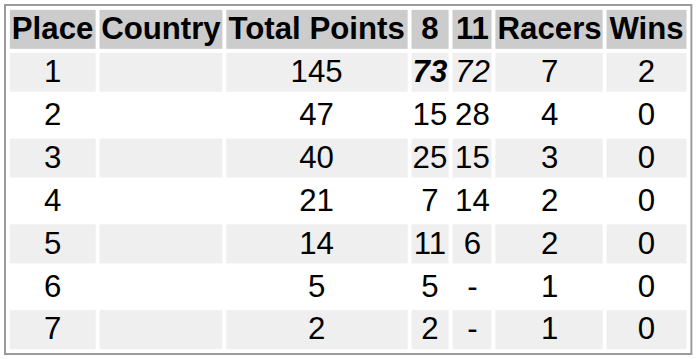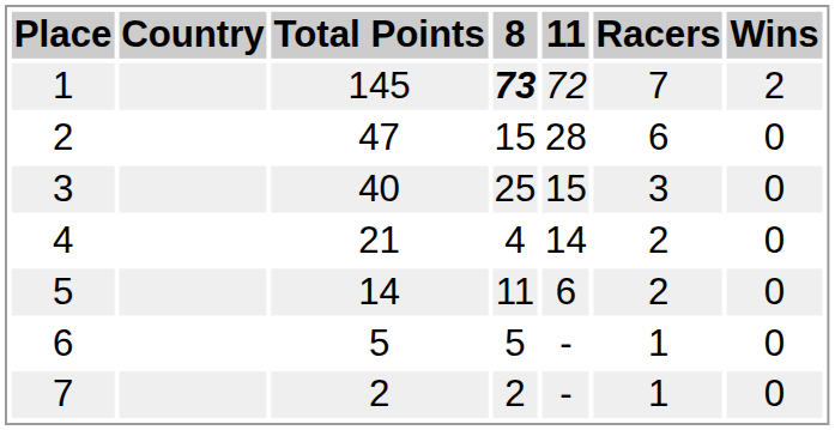 <table border="0" style="border: 1px solid #999; background-color:#FFFFFF; text-align:center">
 <tr align="center" bgcolor="#CCCCCC">
 <th>Place</th>
 <th>Country</th>
 <th>Total Points</th>
 <th>8</th>
 <th>11</th>
 <th>Racers</th>
 <th>Wins</th>
 </tr>
 <tr bgcolor="#EFEFEF">
 <td>1</td>
 <td align="left"></td>
 <td>145</td>
 <td><strong><em>73</em></strong></td>
 <td><em>72</em></td>
 <td>7</td>
 <td>2</td>
 </tr>
 <tr>
 <td>2</td>
 <td align="left"></td>
 <td>47</td>
 <td>15</td>
 <td>28</td>
-<td>4</td>
+<td>6</td>
 <td>0</td>
 </tr>
 <tr bgcolor="#EFEFEF">
 <td>3</td>
 <td align="left"></td>
 <td>40</td>
 <td>25</td>
 <td>15</td>
 <td>3</td>
 <td>0</td>
 </tr>
 <tr>
 <td>4</td>
 <td align="left"></td>
 <td>21</td>
-<td>7</td>
+<td>4</td>
 <td>14</td>
 <td>2</td>
 <td>0</td>
 </tr>
 <tr bgcolor="#EFEFEF">
 <td>5</td>
 <td align="left"></td>
 <td>14</td>
 <td>11</td>
 <td>6</td>
 <td>2</td>
 <td>0</td>
 </tr>
 <tr>
 <td>6</td>
 <td align="left"></td>
 <td>5</td>
 <td>5</td>
 <td>-</td>
 <td>1</td>
 <td>0</td>
 </tr>
 <tr bgcolor="#EFEFEF">
 <td>7</td>
 <td align="left"></td>
 <td>2</td>
 <td>2</td>
 <td>-</td>
 <td>1</td>
 <td>0</td>
 </tr>
 </table>
